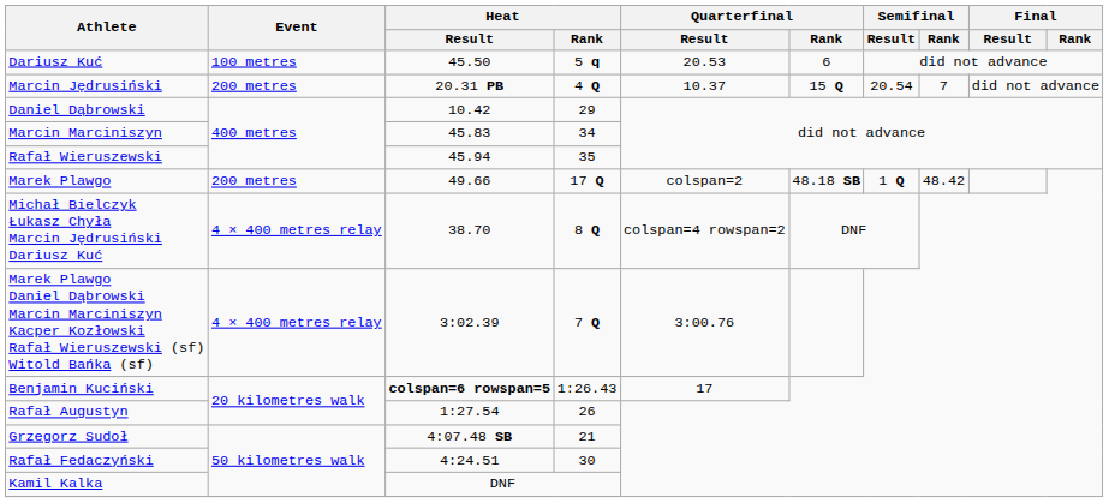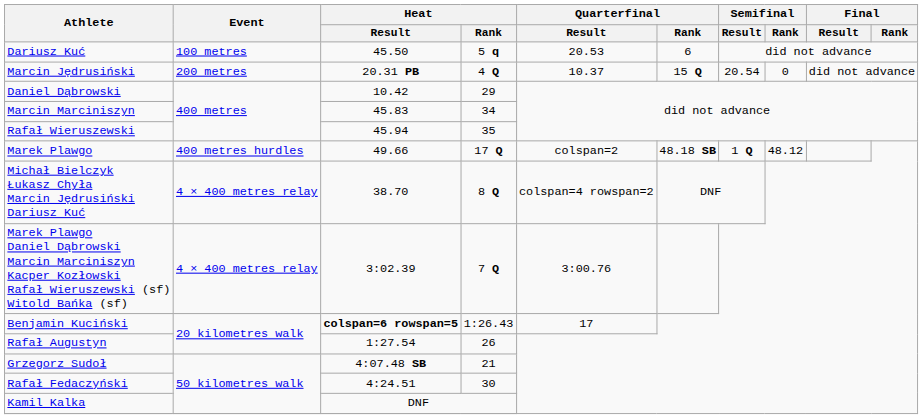 <table class="wikitable" style="font-size:90%">
 <tr>
 <th rowspan="2">Athlete</th>
 <th rowspan="2">Event</th>
 <th colspan="2">Heat</th>
 <th colspan="2">Quarterfinal</th>
 <th colspan="2">Semifinal</th>
 <th colspan="2">Final</th>
 </tr>
 <tr style="font-size:95%">
 <th>Result</th>
 <th>Rank</th>
 <th>Result</th>
 <th>Rank</th>
 <th>Result</th>
 <th>Rank</th>
 <th>Result</th>
 <th>Rank</th>
 </tr>
 <tr style=text-align:center>
 <td style=text-align:left><a href='#'>Dariusz Kuć</a></td>
 <td style=text-align:left><a href='#'>100 metres</a></td>
 <td>45.50</td>
 <td>5 <strong>q</strong></td>
 <td>20.53</td>
 <td>6</td>
 <td colspan=4>did not advance</td>
 </tr>
 <tr style=text-align:center>
 <td style=text-align:left><a href='#'>Marcin Jędrusiński</a></td>
 <td style=text-align:left><a href='#'>200 metres</a></td>
 <td>20.31 <strong>PB</strong></td>
 <td>4 <strong>Q</strong></td>
 <td>10.37</td>
 <td>15 <strong>Q</strong></td>
 <td>20.54</td>
-<td>7</td>
+<td>0</td>
 <td colspan=2>did not advance</td>
 </tr>
 <tr style=text-align:center>
 <td style=text-align:left><a href='#'>Daniel Dąbrowski</a></td>
 <td style=text-align:left rowspan=3><a href='#'>400 metres</a></td>
 <td>10.42</td>
 <td>29</td>
 <td colspan=6 rowspan=3>did not advance</td>
 </tr>
 <tr style=text-align:center>
 <td style=text-align:left><a href='#'>Marcin Marciniszyn</a></td>
 <td>45.83</td>
 <td>34</td>
 </tr>
 <tr style=text-align:center>
 <td style=text-align:left><a href='#'>Rafał Wieruszewski</a></td>
 <td>45.94</td>
 <td>35</td>
 </tr>
 <tr style=text-align:center>
 <td style=text-align:left><a href='#'>Marek Plawgo</a></td>
-<td style=text-align:left><a href='#'>200 metres</a></td>
+<td style=text-align:left><a href='#'>400 metres hurdles</a></td>
 <td>49.66</td>
 <td>17 <strong>Q</strong></td>
 <td>colspan=2 </td>
 <td>48.18 <strong>SB</strong></td>
 <td>1 <strong>Q</strong></td>
-<td>48.42</td>
+<td>48.12</td>
 <td></td>
 </tr>
 <tr style=text-align:center>
 <td style=text-align:left><a href='#'>Michał Bielczyk</a><br><a href='#'>Łukasz Chyła</a><br><a href='#'>Marcin Jędrusiński</a><br><a href='#'>Dariusz Kuć</a></td>
 <td style=text-align:left><a href='#'>4 × 400 metres relay</a></td>
 <td>38.70</td>
 <td>8 <strong>Q</strong></td>
 <td>colspan=4 rowspan=2 </td>
 <td colspan=2>DNF</td>
 </tr>
 <tr style=text-align:center>
 <td style=text-align:left><a href='#'>Marek Plawgo</a><br><a href='#'>Daniel Dąbrowski</a><br><a href='#'>Marcin Marciniszyn</a><br><a href='#'>Kacper Kozłowski</a><br><a href='#'>Rafał Wieruszewski</a> (sf)<br><a href='#'>Witold Bańka</a> (sf)</td>
 <td style=text-align:left><a href='#'>4 × 400 metres relay</a></td>
 <td>3:02.39</td>
 <td>7 <strong>Q</strong></td>
 <td>3:00.76</td>
 <td></td>
 </tr>
 <tr style=text-align:center>
 <td style=text-align:left><a href='#'>Benjamin Kuciński</a></td>
 <td style=text-align:left rowspan=2><a href='#'>20 kilometres walk</a></td>
 <td><strong>colspan=6 rowspan=5 </strong></td>
 <td>1:26.43</td>
 <td>17</td>
 </tr>
 <tr style=text-align:center>
 <td style=text-align:left><a href='#'>Rafał Augustyn</a></td>
 <td>1:27.54</td>
 <td>26</td>
 </tr>
 <tr style=text-align:center>
 <td style=text-align:left><a href='#'>Grzegorz Sudoł</a></td>
 <td style=text-align:left rowspan=3><a href='#'>50 kilometres walk</a></td>
 <td>4:07.48 <strong>SB</strong></td>
 <td>21</td>
 </tr>
 <tr style=text-align:center>
 <td style=text-align:left><a href='#'>Rafał Fedaczyński</a></td>
 <td>4:24.51</td>
 <td>30</td>
 </tr>
 <tr style=text-align:center>
 <td style=text-align:left><a href='#'>Kamil Kalka</a></td>
 <td colspan=2>DNF</td>
 </tr>
 <tr>
 </tr>
 </table>
